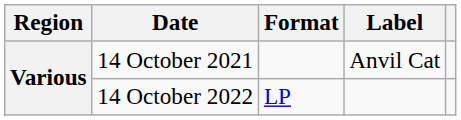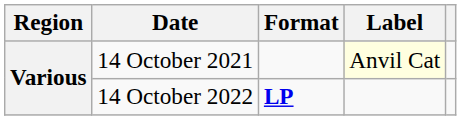 <table class="wikitable plainrowheaders">
 <tr>
 <th scope="col">Region</th>
 <th scope="col">Date</th>
 <th scope="col">Format</th>
 <th scope="col">Label</th>
 <th scope="col"></th>
 </tr>
 <tr>
 <th scope="row" rowspan="2">Various</th>
 <td>14 October 2021</td>
 <td></td>
-<td>Anvil Cat</td>
+<td style="background: lightyellow;">Anvil Cat</td>
 <td align="center"></td>
 </tr>
 <tr>
 <td>14 October 2022</td>
-<td><a href='#'>LP</a></td>
+<td><strong><a href='#'>LP</a></strong></td>
 <td></td>
 <td align="center"></td>
 </tr>
 </table>
